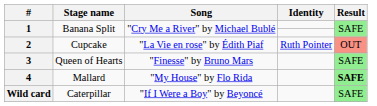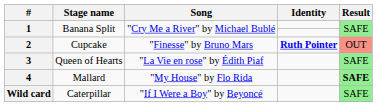 <table class="wikitable plainrowheaders" style="text-align: center;">
 <tr>
 <th>#</th>
 <th>Stage name</th>
 <th>Song</th>
 <th>Identity</th>
 <th>Result</th>
 </tr>
 <tr>
 <th rowspan=2>1</th>
 <td rowspan=2>Banana Split</td>
 <td rowspan=2>"<a href='#'>Cry Me a River</a>" by <a href='#'>Michael Bublé</a></td>
 <td></td>
 <td rowspan=2 bgcolor=lightgreen>SAFE</td>
 </tr>
 <tr>
 <td></td>
 </tr>
 <tr>
 <th>2</th>
 <td>Cupcake</td>
-<td>"<a href='#'>La Vie en rose</a>" by <a href='#'>Édith Piaf</a></td>
-<td><a href='#'>Ruth Pointer</a></td>
+<td>"<a href='#'>Finesse</a>" by <a href='#'>Bruno Mars</a></td>
+<td><strong><a href='#'>Ruth Pointer</a></strong></td>
 <td bgcolor=#F99185>OUT</td>
 </tr>
 <tr>
 <th>3</th>
 <td>Queen of Hearts</td>
-<td>"<a href='#'>Finesse</a>" by <a href='#'>Bruno Mars</a></td>
+<td>"<a href='#'>La Vie en rose</a>" by <a href='#'>Édith Piaf</a></td>
 <td></td>
 <td bgcolor=lightgreen>SAFE</td>
 </tr>
 <tr>
 <th>4</th>
 <td>Mallard</td>
 <td>"<a href='#'>My House</a>" by <a href='#'>Flo Rida</a></td>
 <td></td>
 <td bgcolor=lightgreen><strong>SAFE</strong></td>
 </tr>
 <tr>
 <th>Wild card</th>
 <td>Caterpillar</td>
 <td>"<a href='#'>If I Were a Boy</a>" by <a href='#'>Beyoncé</a></td>
 <td></td>
 <td bgcolor=lightgreen>SAFE</td>
 </tr>
 </table>
